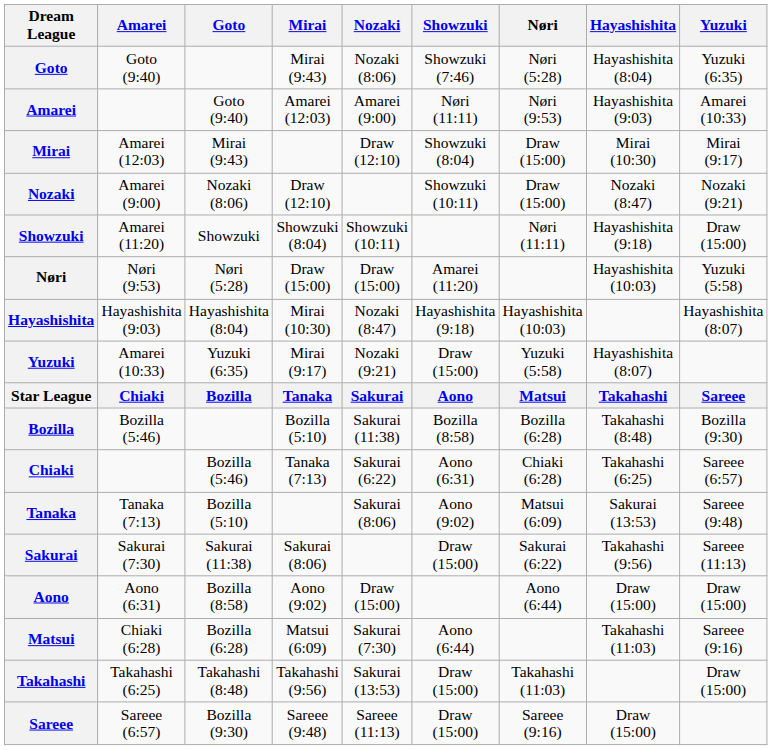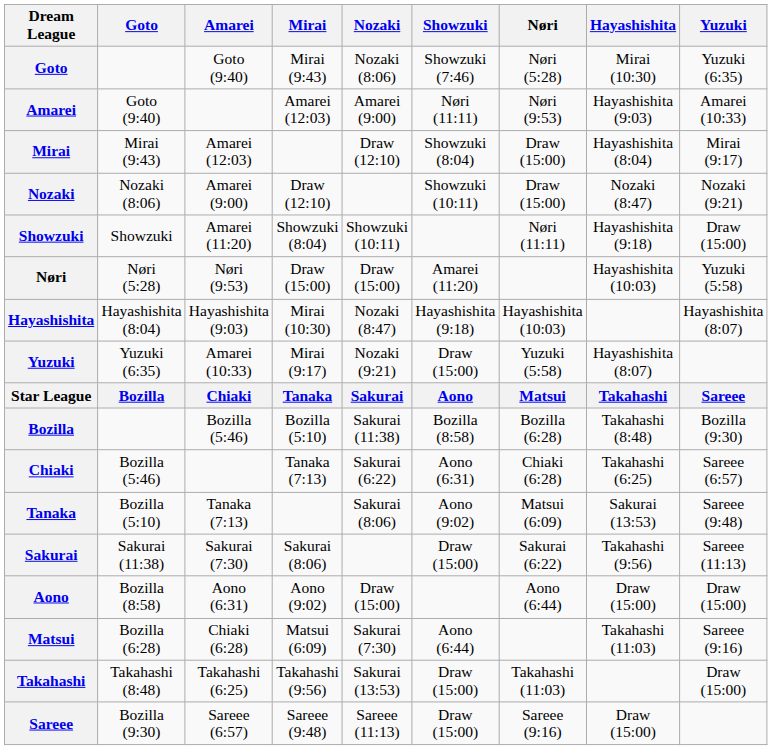 <table class="wikitable" style="text-align:center; margin: 1em auto 1em auto;" width="25%">
 <tr>
 <th>Dream League</th>
+<th><a href='#'>Goto</a></th>
 <th><a href='#'>Amarei</a></th>
-<th><a href='#'>Goto</a></th>
 <th><a href='#'>Mirai</a></th>
 <th><a href='#'>Nozaki</a></th>
 <th><a href='#'>Showzuki</a></th>
 <th>Nøri</th>
 <th><a href='#'>Hayashishita</a></th>
 <th><a href='#'>Yuzuki</a></th>
 </tr>
 <tr>
 <th><a href='#'>Goto</a></th>
+<td></td>
 <td>Goto<br>(9:40)</td>
-<td></td>
 <td>Mirai<br>(9:43)</td>
 <td>Nozaki<br>(8:06)</td>
 <td>Showzuki<br>(7:46)</td>
 <td>Nøri<br>(5:28)</td>
-<td>Hayashishita<br>(8:04)</td>
+<td>Mirai<br>(10:30)</td>
 <td>Yuzuki<br>(6:35)</td>
 </tr>
 <tr>
 <th><a href='#'>Amarei</a></th>
+<td>Goto<br>(9:40)</td>
 <td></td>
-<td>Goto<br>(9:40)</td>
 <td>Amarei<br>(12:03)</td>
 <td>Amarei<br>(9:00)</td>
 <td>Nøri<br>(11:11)</td>
 <td>Nøri<br>(9:53)</td>
 <td>Hayashishita<br>(9:03)</td>
 <td>Amarei<br>(10:33)</td>
 </tr>
 <tr>
 <th><a href='#'>Mirai</a></th>
+<td>Mirai<br>(9:43)</td>
 <td>Amarei<br>(12:03)</td>
-<td>Mirai<br>(9:43)</td>
 <td></td>
 <td>Draw<br>(12:10)</td>
 <td>Showzuki<br>(8:04)</td>
 <td>Draw<br>(15:00)</td>
-<td>Mirai<br>(10:30)</td>
+<td>Hayashishita<br>(8:04)</td>
 <td>Mirai<br>(9:17)</td>
 </tr>
 <tr>
 <th><a href='#'>Nozaki</a></th>
+<td>Nozaki<br>(8:06)</td>
 <td>Amarei<br>(9:00)</td>
-<td>Nozaki<br>(8:06)</td>
 <td>Draw<br>(12:10)</td>
 <td></td>
 <td>Showzuki<br>(10:11)</td>
 <td>Draw<br>(15:00)</td>
 <td>Nozaki<br>(8:47)</td>
 <td>Nozaki<br>(9:21)</td>
 </tr>
 <tr>
 <th><a href='#'>Showzuki</a></th>
+<td>Showzuki</td>
 <td>Amarei<br>(11:20)</td>
-<td>Showzuki</td>
 <td>Showzuki<br>(8:04)</td>
 <td>Showzuki<br>(10:11)</td>
 <td></td>
 <td>Nøri<br>(11:11)</td>
 <td>Hayashishita<br>(9:18)</td>
 <td>Draw<br>(15:00)</td>
 </tr>
 <tr>
 <th>Nøri</th>
+<td>Nøri<br>(5:28)</td>
 <td>Nøri<br>(9:53)</td>
-<td>Nøri<br>(5:28)</td>
 <td>Draw<br>(15:00)</td>
 <td>Draw<br>(15:00)</td>
 <td>Amarei<br>(11:20)</td>
 <td></td>
 <td>Hayashishita<br>(10:03)</td>
 <td>Yuzuki<br>(5:58)</td>
 </tr>
 <tr>
 <th><a href='#'>Hayashishita</a></th>
+<td>Hayashishita<br>(8:04)</td>
 <td>Hayashishita<br>(9:03)</td>
-<td>Hayashishita<br>(8:04)</td>
 <td>Mirai<br>(10:30)</td>
 <td>Nozaki<br>(8:47)</td>
 <td>Hayashishita<br>(9:18)</td>
 <td>Hayashishita<br>(10:03)</td>
 <td></td>
 <td>Hayashishita<br>(8:07)</td>
 </tr>
 <tr>
 <th><a href='#'>Yuzuki</a></th>
+<td>Yuzuki<br>(6:35)</td>
 <td>Amarei<br>(10:33)</td>
-<td>Yuzuki<br>(6:35)</td>
 <td>Mirai<br>(9:17)</td>
 <td>Nozaki<br>(9:21)</td>
 <td>Draw<br>(15:00)</td>
 <td>Yuzuki<br>(5:58)</td>
 <td>Hayashishita<br>(8:07)</td>
 <td></td>
 </tr>
 <tr>
 <th>Star League</th>
+<th><a href='#'>Bozilla</a></th>
 <th><a href='#'>Chiaki</a></th>
-<th><a href='#'>Bozilla</a></th>
 <th><a href='#'>Tanaka</a></th>
 <th><a href='#'>Sakurai</a></th>
 <th><a href='#'>Aono</a></th>
 <th><a href='#'>Matsui</a></th>
 <th><a href='#'>Takahashi</a></th>
 <th><a href='#'>Sareee</a></th>
 </tr>
 <tr>
 <th><a href='#'>Bozilla</a></th>
+<td></td>
 <td>Bozilla<br>(5:46)</td>
-<td></td>
 <td>Bozilla<br>(5:10)</td>
 <td>Sakurai<br>(11:38)</td>
 <td>Bozilla<br>(8:58)</td>
 <td>Bozilla<br>(6:28)</td>
 <td>Takahashi<br>(8:48)</td>
 <td>Bozilla<br>(9:30)</td>
 </tr>
 <tr>
 <th><a href='#'>Chiaki</a></th>
+<td>Bozilla<br>(5:46)</td>
 <td></td>
-<td>Bozilla<br>(5:46)</td>
 <td>Tanaka<br>(7:13)</td>
 <td>Sakurai<br>(6:22)</td>
 <td>Aono<br>(6:31)</td>
 <td>Chiaki<br>(6:28)</td>
 <td>Takahashi<br>(6:25)</td>
 <td>Sareee<br>(6:57)</td>
 </tr>
 <tr>
 <th><a href='#'>Tanaka</a></th>
+<td>Bozilla<br>(5:10)</td>
 <td>Tanaka<br>(7:13)</td>
-<td>Bozilla<br>(5:10)</td>
 <td></td>
 <td>Sakurai<br>(8:06)</td>
 <td>Aono<br>(9:02)</td>
 <td>Matsui<br>(6:09)</td>
 <td>Sakurai<br>(13:53)</td>
 <td>Sareee<br>(9:48)</td>
 </tr>
 <tr>
 <th><a href='#'>Sakurai</a></th>
+<td>Sakurai<br>(11:38)</td>
 <td>Sakurai<br>(7:30)</td>
-<td>Sakurai<br>(11:38)</td>
 <td>Sakurai<br>(8:06)</td>
 <td></td>
 <td>Draw<br>(15:00)</td>
 <td>Sakurai<br>(6:22)</td>
 <td>Takahashi<br>(9:56)</td>
 <td>Sareee<br>(11:13)</td>
 </tr>
 <tr>
 <th><a href='#'>Aono</a></th>
+<td>Bozilla<br>(8:58)</td>
 <td>Aono<br>(6:31)</td>
-<td>Bozilla<br>(8:58)</td>
 <td>Aono<br>(9:02)</td>
 <td>Draw<br>(15:00)</td>
 <td></td>
 <td>Aono<br>(6:44)</td>
 <td>Draw<br>(15:00)</td>
 <td>Draw<br>(15:00)</td>
 </tr>
 <tr>
 <th><a href='#'>Matsui</a></th>
+<td>Bozilla<br>(6:28)</td>
 <td>Chiaki<br>(6:28)</td>
-<td>Bozilla<br>(6:28)</td>
 <td>Matsui<br>(6:09)</td>
 <td>Sakurai<br>(7:30)</td>
 <td>Aono<br>(6:44)</td>
 <td></td>
 <td>Takahashi<br>(11:03)</td>
 <td>Sareee<br>(9:16)</td>
 </tr>
 <tr>
 <th><a href='#'>Takahashi</a></th>
+<td>Takahashi<br>(8:48)</td>
 <td>Takahashi<br>(6:25)</td>
-<td>Takahashi<br>(8:48)</td>
 <td>Takahashi<br>(9:56)</td>
 <td>Sakurai<br>(13:53)</td>
 <td>Draw<br>(15:00)</td>
 <td>Takahashi<br>(11:03)</td>
 <td></td>
 <td>Draw<br>(15:00)</td>
 </tr>
 <tr>
 <th><a href='#'>Sareee</a></th>
+<td>Bozilla<br>(9:30)</td>
 <td>Sareee<br>(6:57)</td>
-<td>Bozilla<br>(9:30)</td>
 <td>Sareee<br>(9:48)</td>
 <td>Sareee<br>(11:13)</td>
 <td>Draw<br>(15:00)</td>
 <td>Sareee<br>(9:16)</td>
 <td>Draw<br>(15:00)</td>
 <td></td>
 </tr>
 </table>
